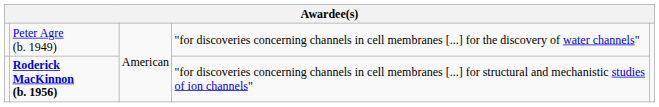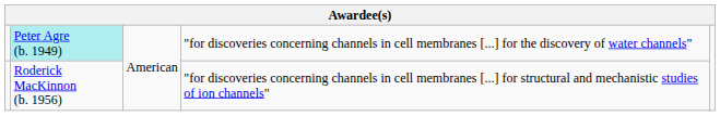 <table class="wikitable">
 <tr>
 <th colspan="5">Awardee(s)</th>
 </tr>
 <tr>
 <td></td>
-<td><a href='#'>Peter Agre</a><br>(b. 1949)</td>
+<td style="background: paleturquoise;"><a href='#'>Peter Agre</a><br>(b. 1949)</td>
 <td rowspan="2"> American</td>
 <td>"for discoveries concerning channels in cell membranes [...] for the discovery of <a href='#'>water channels</a>"</td>
 <td rowspan="2"></td>
 </tr>
 <tr>
 <td></td>
-<td><strong><a href='#'>Roderick MacKinnon</a><br>(b. 1956)</strong></td>
+<td><a href='#'>Roderick MacKinnon</a><br>(b. 1956)</td>
 <td>"for discoveries concerning channels in cell membranes [...] for structural and mechanistic <a href='#'>studies of ion channels</a>"</td>
 </tr>
 </table>
